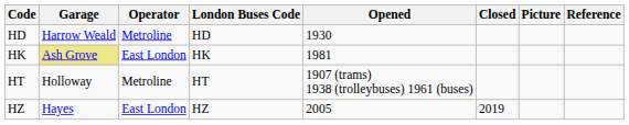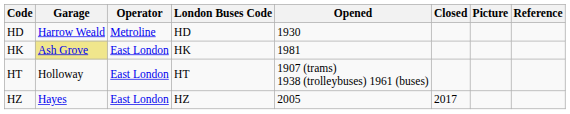 <table class="wikitable">
 <tr>
 <th>Code</th>
 <th>Garage</th>
 <th>Operator</th>
 <th>London Buses Code</th>
 <th>Opened</th>
 <th>Closed</th>
 <th>Picture</th>
 <th>Reference</th>
 </tr>
 <tr>
 <td>HD</td>
 <td><a href='#'>Harrow Weald</a></td>
 <td><a href='#'>Metroline</a></td>
 <td>HD</td>
 <td>1930</td>
 <td></td>
 <td></td>
 <td></td>
 </tr>
 <tr>
 <td>HK</td>
 <td style="background: khaki;"><a href='#'>Ash Grove</a></td>
 <td><a href='#'>East London</a></td>
 <td>HK</td>
 <td>1981</td>
 <td></td>
 <td></td>
 <td></td>
 </tr>
 <tr>
 <td>HT</td>
 <td>Holloway</td>
-<td>Metroline</td>
+<td><a href='#'>East London</a></td>
 <td>HT</td>
 <td>1907 (trams)<br>1938 (trolleybuses) 1961 (buses)</td>
 <td></td>
 <td></td>
 <td></td>
 </tr>
 <tr>
 <td>HZ</td>
 <td><a href='#'>Hayes</a></td>
 <td><a href='#'>East London</a></td>
 <td>HZ</td>
 <td>2005</td>
-<td>2019</td>
+<td>2017</td>
 <td></td>
 <td></td>
 </tr>
 </table>
